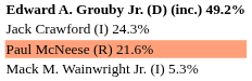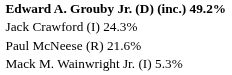 <table>
 <tr>
 <td><strong>Edward A. Grouby Jr. (D) (inc.) 49.2%</strong></td>
 </tr>
 <tr>
 <td>Jack Crawford (I) 24.3%</td>
 </tr>
 <tr>
-<td style="background: lightsalmon;">Paul McNeese (R) 21.6%</td>
+<td>Paul McNeese (R) 21.6%</td>
 </tr>
 <tr>
 <td>Mack M. Wainwright Jr. (I) 5.3%</td>
 </tr>
 </table>
